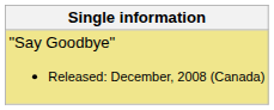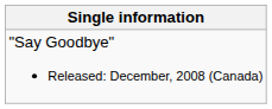 <table class="wikitable">
 <tr>
 <th>Single information</th>
 </tr>
 <tr>
-<td align="left" style="background: khaki;">"Say Goodbye"<br><ul><li><small>Released:  December, 2008 (Canada)</small></li></ul></td>
+<td align="left">"Say Goodbye"<br><ul><li><small>Released:  December, 2008 (Canada)</small></li></ul></td>
 </tr>
 </table>
